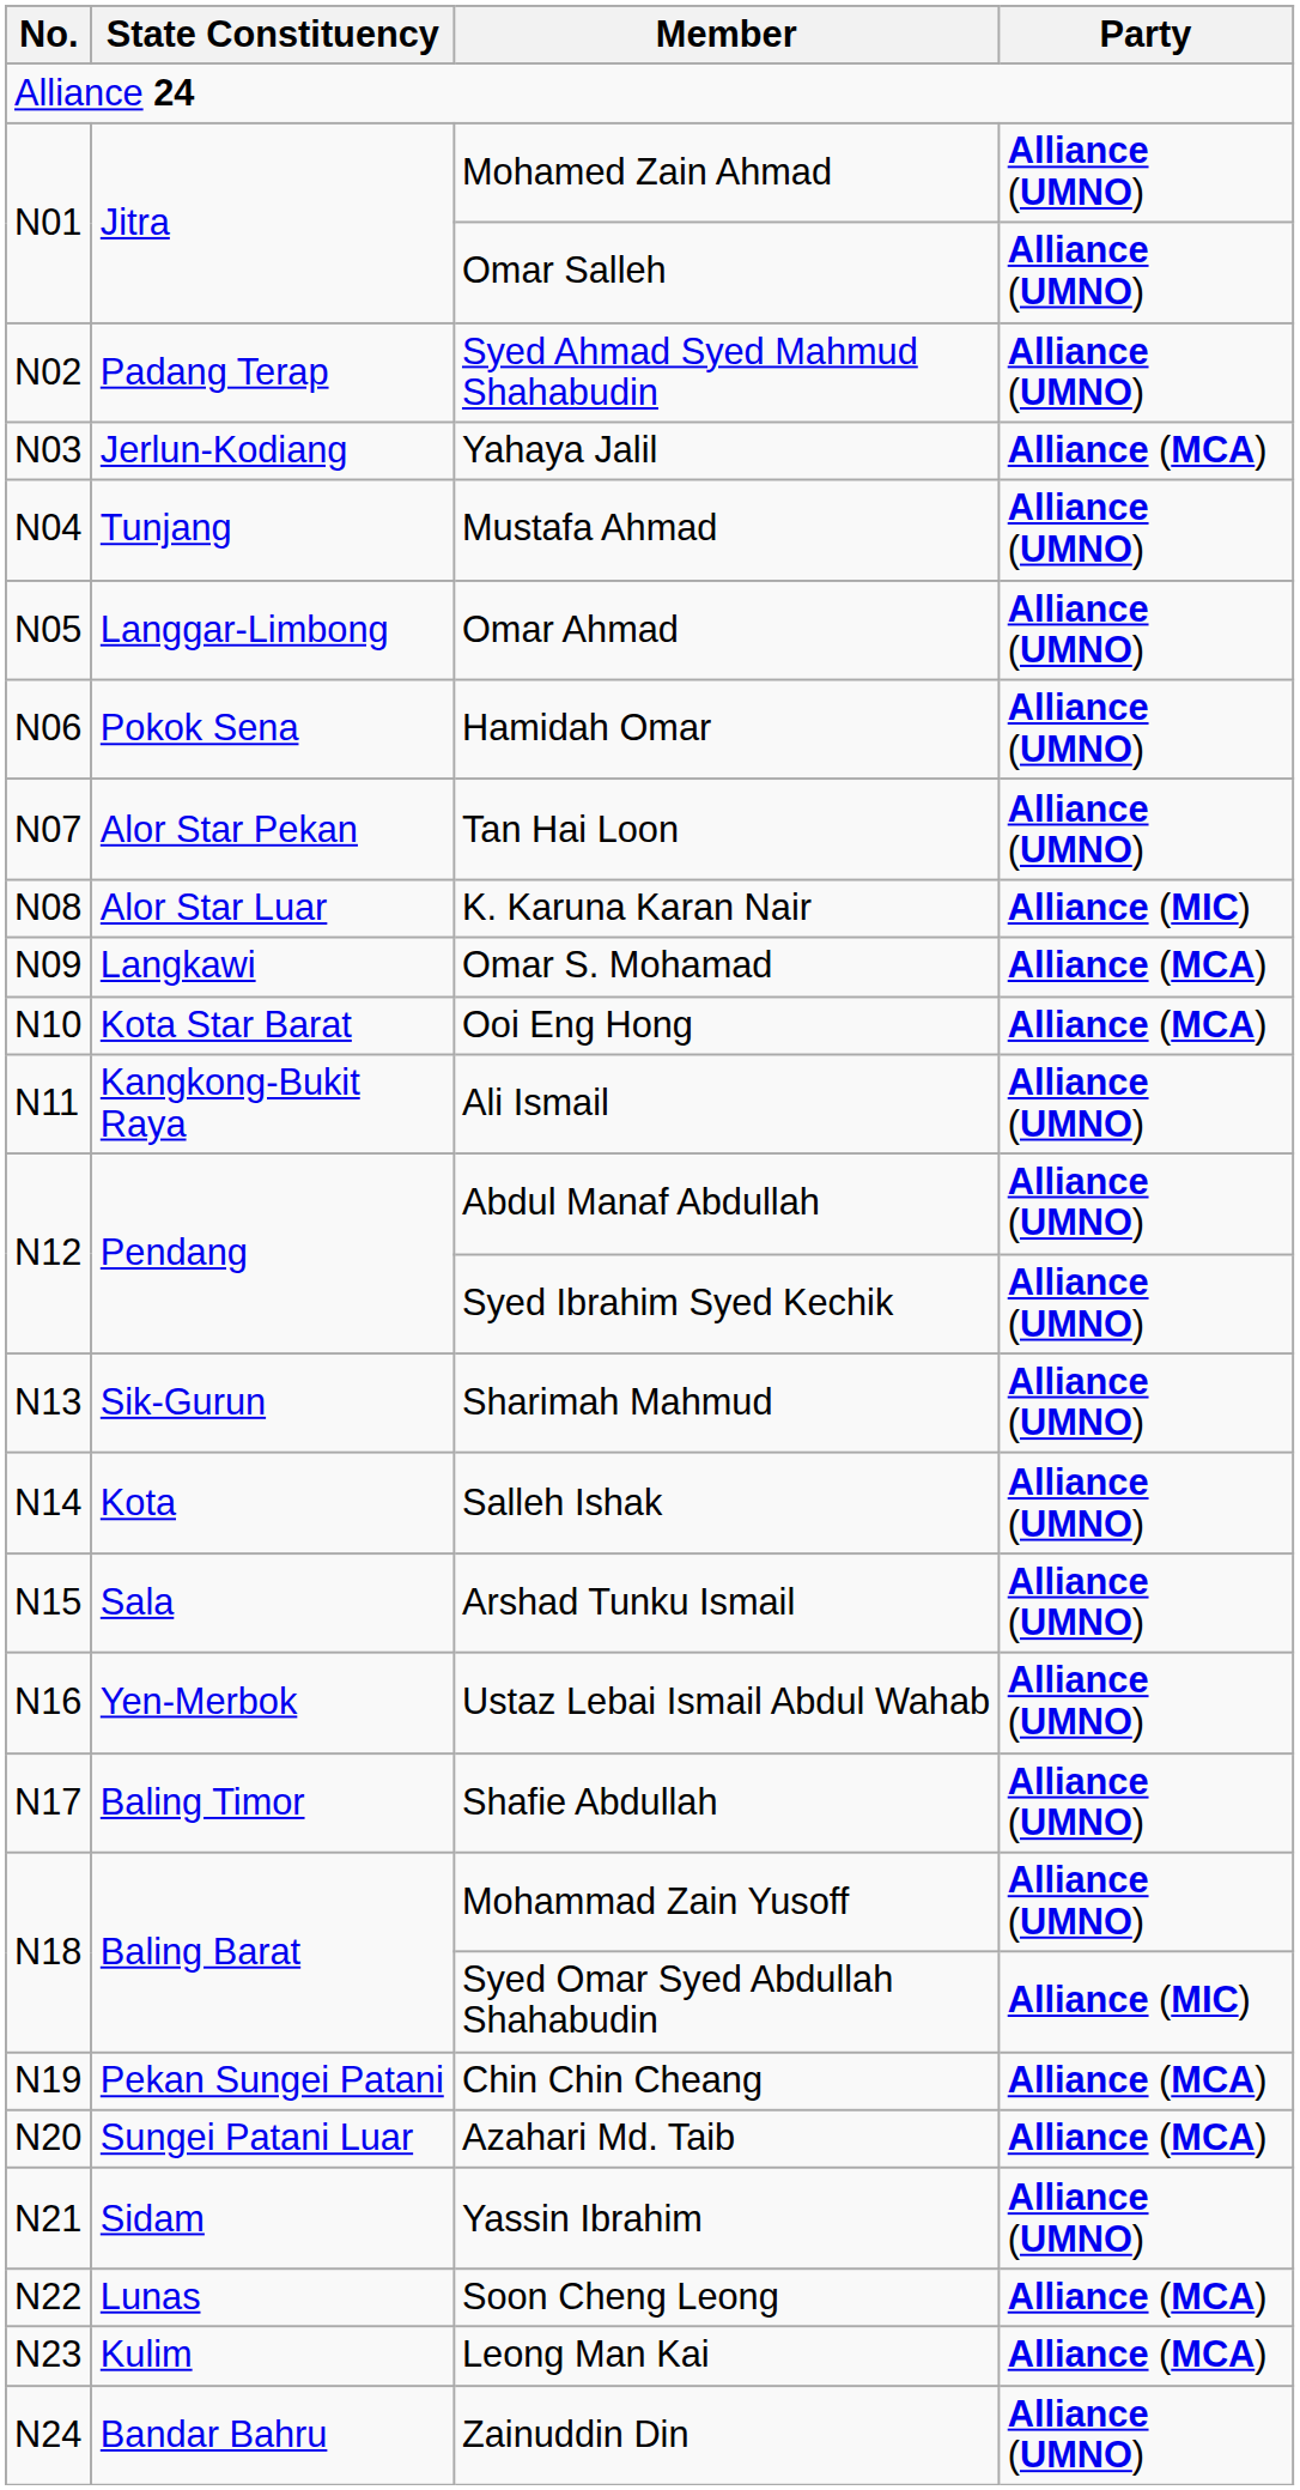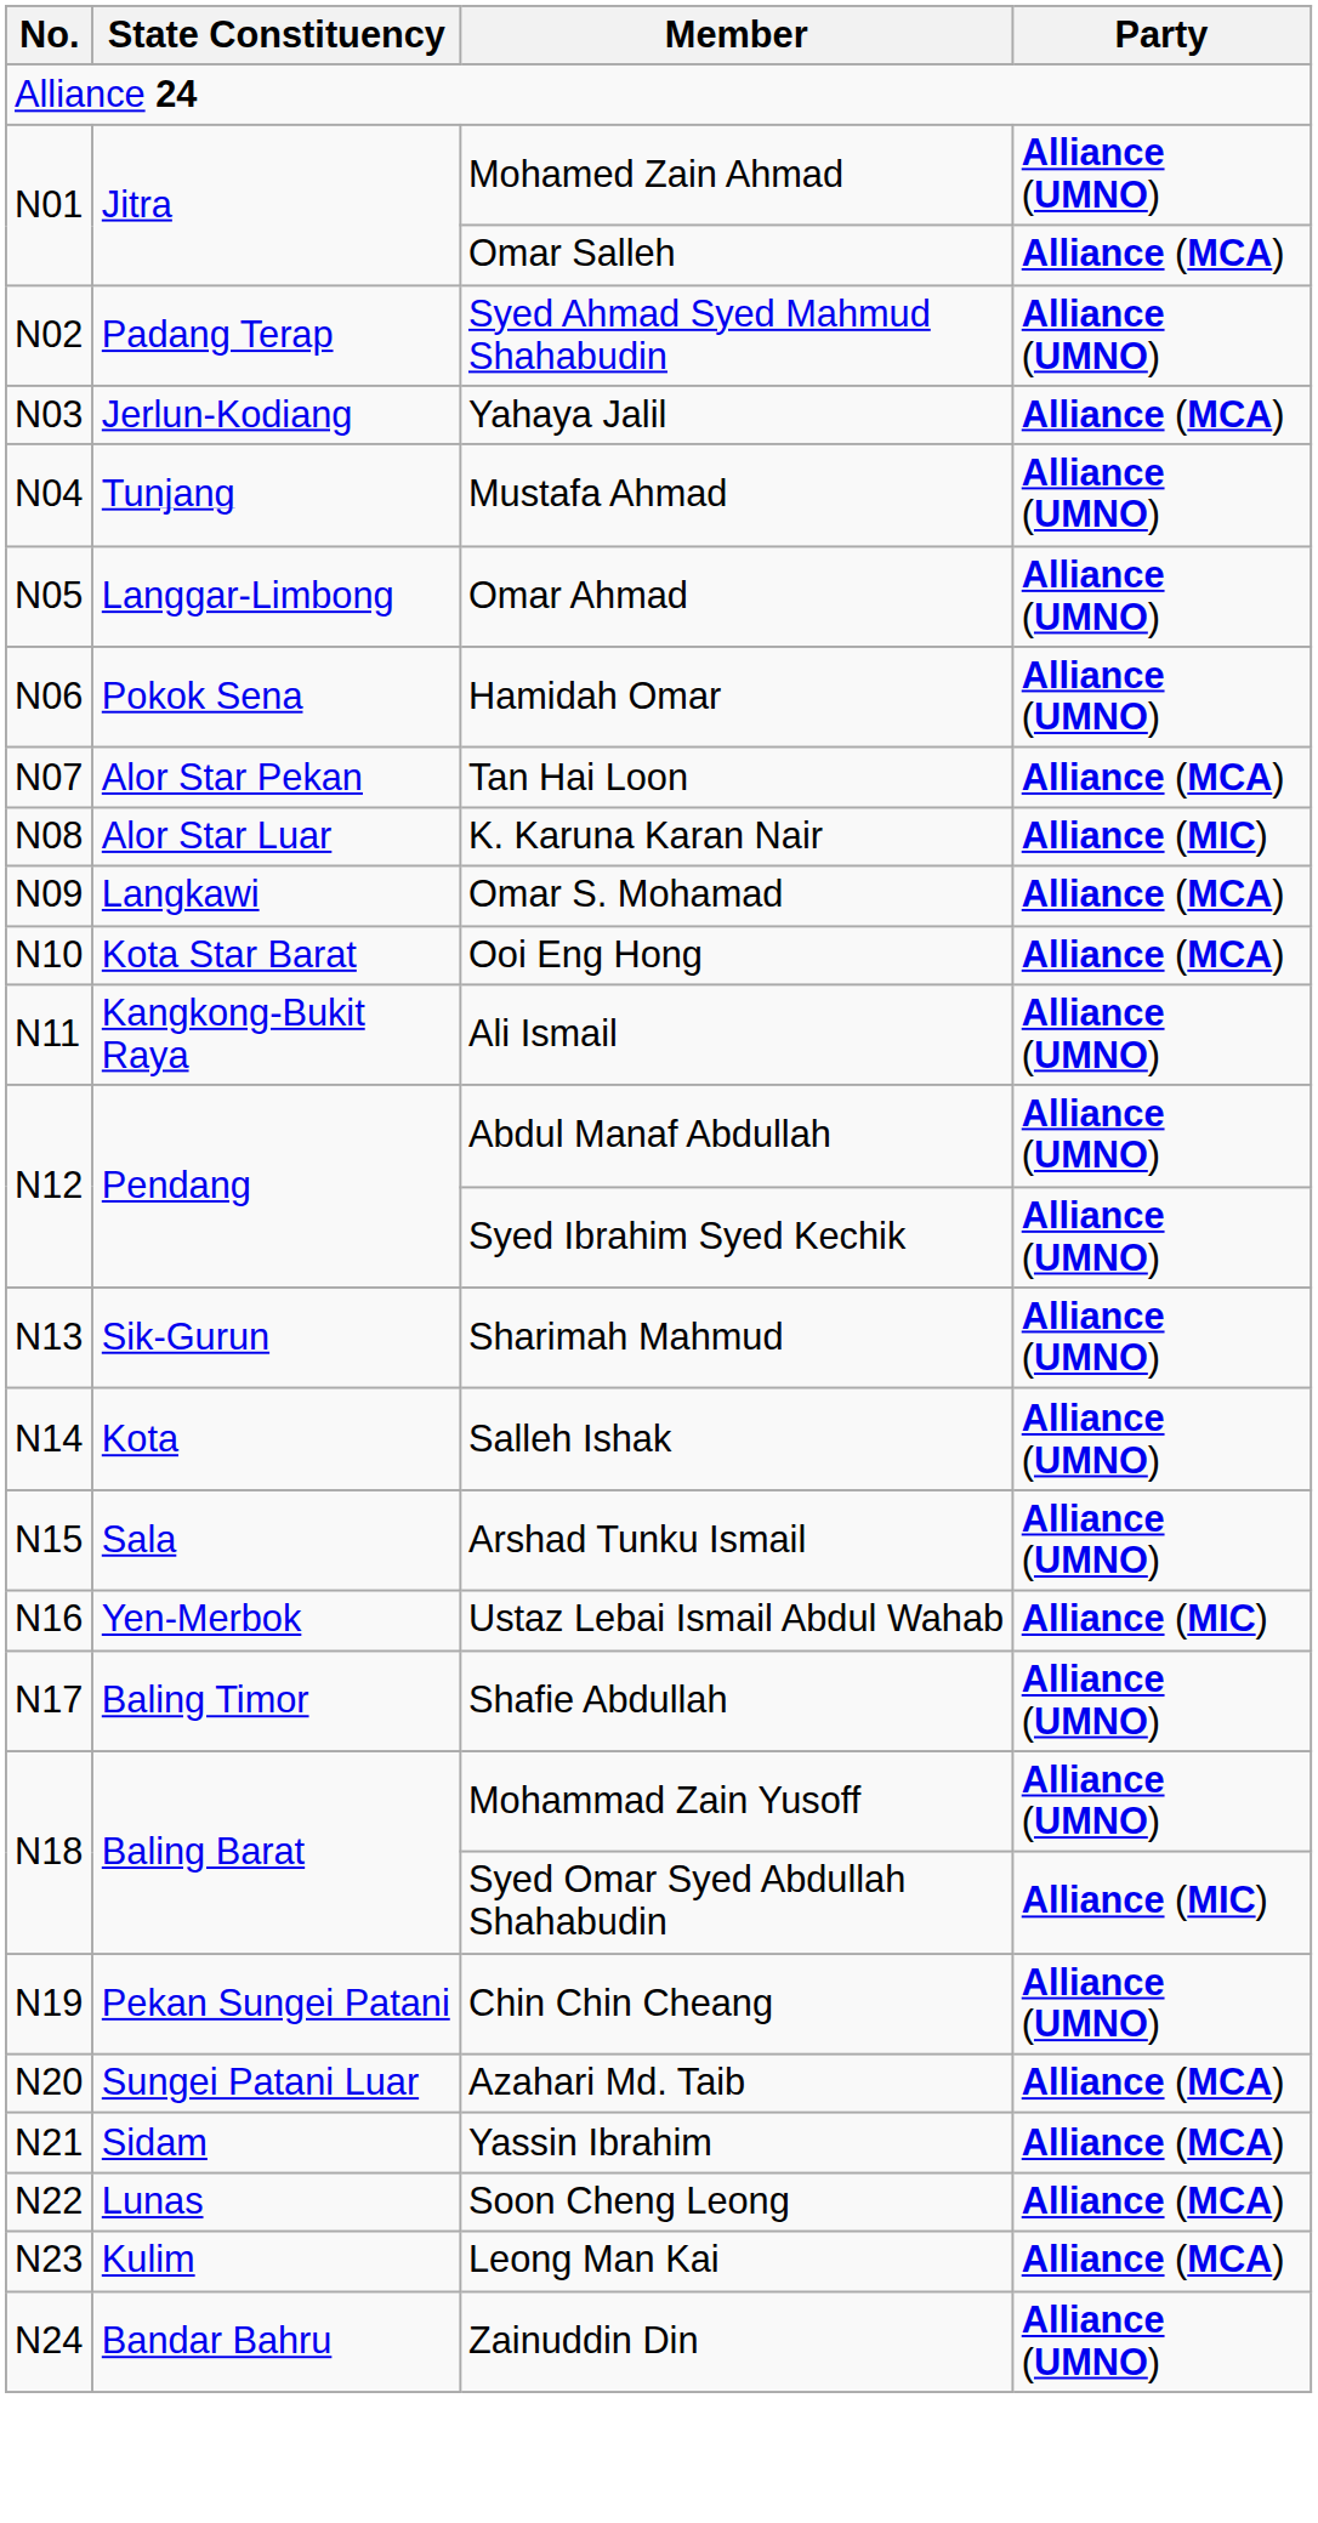 <table class="wikitable sortable">
 <tr>
 <th style="width:30px;">No.</th>
 <th style="width:150px;">State Constituency</th>
 <th style="width:230px;">Member</th>
 <th style="width:120px;">Party</th>
 </tr>
 <tr>
 <td colspan="4"><a href='#'>Alliance</a> <strong>24</strong></td>
 </tr>
 <tr>
 <td rowspan=2>N01</td>
 <td rowspan=2><a href='#'>Jitra</a></td>
 <td>Mohamed Zain Ahmad </td>
 <td><strong><a href='#'>Alliance</a></strong> (<strong><a href='#'>UMNO</a></strong>)</td>
 </tr>
 <tr>
 <td>Omar Salleh </td>
-<td><strong><a href='#'>Alliance</a></strong> (<strong><a href='#'>UMNO</a></strong>)</td>
+<td><strong><a href='#'>Alliance</a></strong> (<strong><a href='#'>MCA</a></strong>)</td>
 </tr>
 <tr>
 <td>N02</td>
 <td><a href='#'>Padang Terap</a></td>
 <td><a href='#'>Syed Ahmad Syed Mahmud Shahabudin</a></td>
 <td><strong><a href='#'>Alliance</a></strong> (<strong><a href='#'>UMNO</a></strong>)</td>
 </tr>
 <tr>
 <td>N03</td>
 <td><a href='#'>Jerlun-Kodiang</a></td>
 <td>Yahaya Jalil</td>
 <td><strong><a href='#'>Alliance</a></strong> (<strong><a href='#'>MCA</a></strong>)</td>
 </tr>
 <tr>
 <td>N04</td>
 <td><a href='#'>Tunjang</a></td>
 <td>Mustafa Ahmad</td>
 <td><strong><a href='#'>Alliance</a></strong> (<strong><a href='#'>UMNO</a></strong>)</td>
 </tr>
 <tr>
 <td>N05</td>
 <td><a href='#'>Langgar-Limbong</a></td>
 <td>Omar Ahmad</td>
 <td><strong><a href='#'>Alliance</a></strong> (<strong><a href='#'>UMNO</a></strong>)</td>
 </tr>
 <tr>
 <td>N06</td>
 <td><a href='#'>Pokok Sena</a></td>
 <td>Hamidah Omar</td>
 <td><strong><a href='#'>Alliance</a></strong> (<strong><a href='#'>UMNO</a></strong>)</td>
 </tr>
 <tr>
 <td>N07</td>
 <td><a href='#'>Alor Star Pekan</a></td>
 <td>Tan Hai Loon</td>
-<td><strong><a href='#'>Alliance</a></strong> (<strong><a href='#'>UMNO</a></strong>)</td>
+<td><strong><a href='#'>Alliance</a></strong> (<strong><a href='#'>MCA</a></strong>)</td>
 </tr>
 <tr>
 <td>N08</td>
 <td><a href='#'>Alor Star Luar</a></td>
 <td>K. Karuna Karan Nair</td>
 <td><strong><a href='#'>Alliance</a></strong> (<strong><a href='#'>MIC</a></strong>)</td>
 </tr>
 <tr>
 <td>N09</td>
 <td><a href='#'>Langkawi</a></td>
 <td>Omar S. Mohamad</td>
 <td><strong><a href='#'>Alliance</a></strong> (<strong><a href='#'>MCA</a></strong>)</td>
 </tr>
 <tr>
 <td>N10</td>
 <td><a href='#'>Kota Star Barat</a></td>
 <td>Ooi Eng Hong</td>
 <td><strong><a href='#'>Alliance</a></strong> (<strong><a href='#'>MCA</a></strong>)</td>
 </tr>
 <tr>
 <td>N11</td>
 <td><a href='#'>Kangkong-Bukit Raya</a></td>
 <td>Ali Ismail</td>
 <td><strong><a href='#'>Alliance</a></strong> (<strong><a href='#'>UMNO</a></strong>)</td>
 </tr>
 <tr>
 <td rowspan=2>N12</td>
 <td rowspan=2><a href='#'>Pendang</a></td>
 <td>Abdul Manaf Abdullah </td>
 <td><strong><a href='#'>Alliance</a></strong> (<strong><a href='#'>UMNO</a></strong>)</td>
 </tr>
 <tr>
 <td>Syed Ibrahim Syed Kechik </td>
 <td><strong><a href='#'>Alliance</a></strong> (<strong><a href='#'>UMNO</a></strong>)</td>
 </tr>
 <tr>
 <td>N13</td>
 <td><a href='#'>Sik-Gurun</a></td>
 <td>Sharimah Mahmud</td>
 <td><strong><a href='#'>Alliance</a></strong> (<strong><a href='#'>UMNO</a></strong>)</td>
 </tr>
 <tr>
 <td>N14</td>
 <td><a href='#'>Kota</a></td>
 <td>Salleh Ishak</td>
 <td><strong><a href='#'>Alliance</a></strong> (<strong><a href='#'>UMNO</a></strong>)</td>
 </tr>
 <tr>
 <td>N15</td>
 <td><a href='#'>Sala</a></td>
 <td>Arshad Tunku Ismail</td>
 <td><strong><a href='#'>Alliance</a></strong> (<strong><a href='#'>UMNO</a></strong>)</td>
 </tr>
 <tr>
 <td>N16</td>
 <td><a href='#'>Yen-Merbok</a></td>
 <td>Ustaz Lebai Ismail Abdul Wahab</td>
-<td><strong><a href='#'>Alliance</a></strong> (<strong><a href='#'>UMNO</a></strong>)</td>
+<td><strong><a href='#'>Alliance</a></strong> (<strong><a href='#'>MIC</a></strong>)</td>
 </tr>
 <tr>
 <td>N17</td>
 <td><a href='#'>Baling Timor</a></td>
 <td>Shafie Abdullah</td>
 <td><strong><a href='#'>Alliance</a></strong> (<strong><a href='#'>UMNO</a></strong>)</td>
 </tr>
 <tr>
 <td rowspan=2>N18</td>
 <td rowspan=2><a href='#'>Baling Barat</a></td>
 <td>Mohammad Zain Yusoff </td>
 <td><strong><a href='#'>Alliance</a></strong> (<strong><a href='#'>UMNO</a></strong>)</td>
 </tr>
 <tr>
 <td>Syed Omar Syed Abdullah Shahabudin </td>
 <td><strong><a href='#'>Alliance</a></strong> (<strong><a href='#'>MIC</a></strong>)</td>
 </tr>
 <tr>
 <td>N19</td>
 <td><a href='#'>Pekan Sungei Patani</a></td>
 <td>Chin Chin Cheang</td>
-<td><strong><a href='#'>Alliance</a></strong> (<strong><a href='#'>MCA</a></strong>)</td>
+<td><strong><a href='#'>Alliance</a></strong> (<strong><a href='#'>UMNO</a></strong>)</td>
 </tr>
 <tr>
 <td>N20</td>
 <td><a href='#'>Sungei Patani Luar</a></td>
 <td>Azahari Md. Taib</td>
 <td><strong><a href='#'>Alliance</a></strong> (<strong><a href='#'>MCA</a></strong>)</td>
 </tr>
 <tr>
 <td>N21</td>
 <td><a href='#'>Sidam</a></td>
 <td>Yassin Ibrahim</td>
-<td><strong><a href='#'>Alliance</a></strong> (<strong><a href='#'>UMNO</a></strong>)</td>
+<td><strong><a href='#'>Alliance</a></strong> (<strong><a href='#'>MCA</a></strong>)</td>
 </tr>
 <tr>
 <td>N22</td>
 <td><a href='#'>Lunas</a></td>
 <td>Soon Cheng Leong</td>
 <td><strong><a href='#'>Alliance</a></strong> (<strong><a href='#'>MCA</a></strong>)</td>
 </tr>
 <tr>
 <td>N23</td>
 <td><a href='#'>Kulim</a></td>
 <td>Leong Man Kai</td>
 <td><strong><a href='#'>Alliance</a></strong> (<strong><a href='#'>MCA</a></strong>)</td>
 </tr>
 <tr>
 <td>N24</td>
 <td><a href='#'>Bandar Bahru</a></td>
 <td>Zainuddin Din</td>
 <td><strong><a href='#'>Alliance</a></strong> (<strong><a href='#'>UMNO</a></strong>)</td>
 </tr>
 </table>
